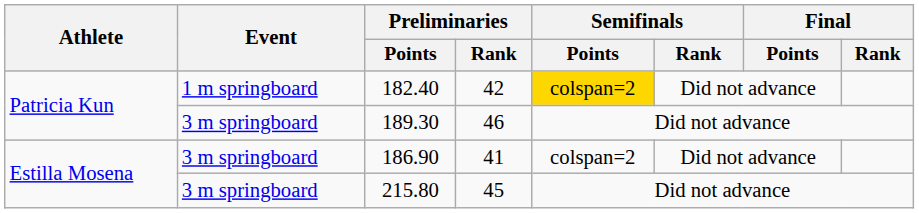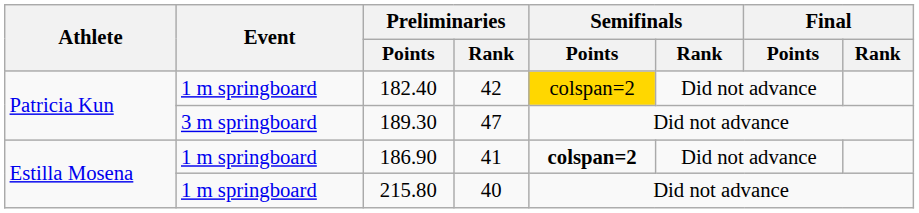 <table class="wikitable" style="text-align:center; font-size:90%; width:50%;">
 <tr>
 <th rowspan=2>Athlete</th>
 <th rowspan=2>Event</th>
 <th colspan=2>Preliminaries</th>
 <th colspan=2>Semifinals</th>
 <th colspan=2>Final</th>
 </tr>
 <tr style="font-size:95%">
 <th>Points</th>
 <th>Rank</th>
 <th>Points</th>
 <th>Rank</th>
 <th>Points</th>
 <th>Rank</th>
 </tr>
 <tr>
 <td align=left rowspan=2><a href='#'>Patricia Kun</a></td>
 <td align=left><a href='#'>1 m springboard</a></td>
 <td>182.40</td>
 <td>42</td>
 <td style="background: gold;">colspan=2 </td>
 <td colspan=2>Did not advance</td>
 </tr>
 <tr>
 <td align=left><a href='#'>3 m springboard</a></td>
 <td>189.30</td>
-<td>46</td>
+<td>47</td>
 <td colspan=4>Did not advance</td>
 </tr>
 <tr>
 <td align=left rowspan=2><a href='#'>Estilla Mosena</a></td>
-<td align=left><a href='#'>3 m springboard</a></td>
+<td align=left><a href='#'>1 m springboard</a></td>
 <td>186.90</td>
 <td>41</td>
-<td>colspan=2 </td>
+<td><strong>colspan=2 </strong></td>
 <td colspan=2>Did not advance</td>
 </tr>
 <tr>
-<td align=left><a href='#'>3 m springboard</a></td>
+<td align=left><a href='#'>1 m springboard</a></td>
 <td>215.80</td>
-<td>45</td>
+<td>40</td>
 <td colspan=4>Did not advance</td>
 </tr>
 </table>
